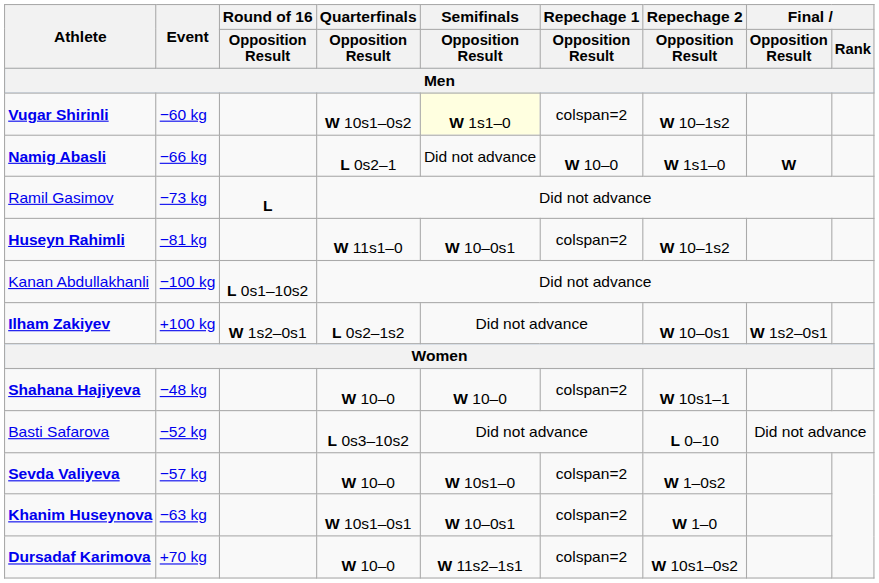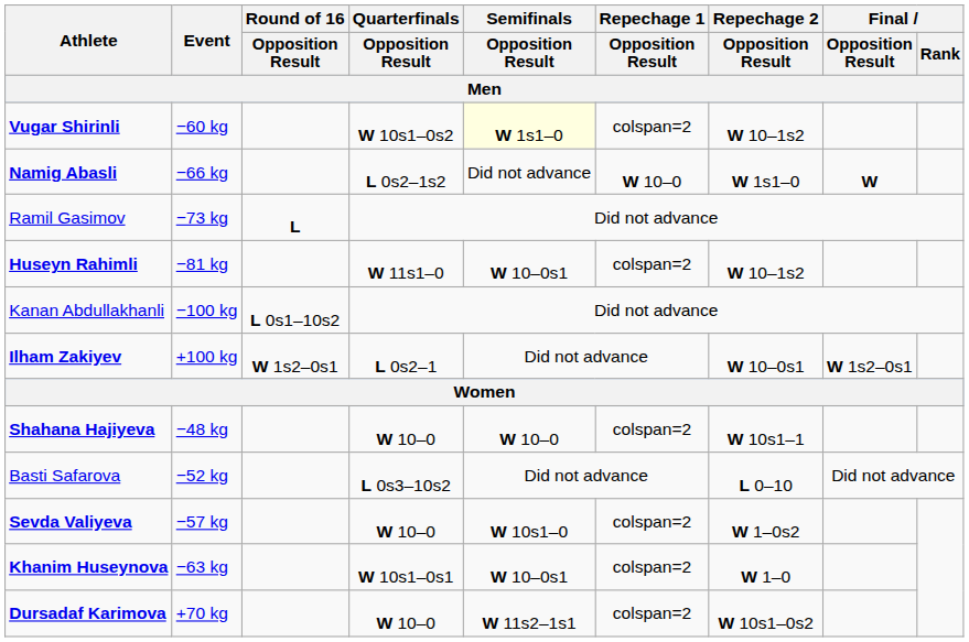 <table class="wikitable" style="font-size:90%">
 <tr>
 <th rowspan="2">Athlete</th>
 <th rowspan="2">Event</th>
 <th>Round of 16</th>
 <th>Quarterfinals</th>
 <th>Semifinals</th>
 <th>Repechage 1</th>
 <th>Repechage 2</th>
 <th colspan=2>Final / </th>
 </tr>
 <tr style="font-size:95%">
 <th>Opposition<br>Result</th>
 <th>Opposition<br>Result</th>
 <th>Opposition<br>Result</th>
 <th>Opposition<br>Result</th>
 <th>Opposition<br>Result</th>
 <th>Opposition<br>Result</th>
 <th>Rank</th>
 </tr>
 <tr style="background:#9acdff;">
 <th colspan=10>Men</th>
 </tr>
 <tr align=center>
 <td align=left><strong><a href='#'>Vugar Shirinli</a></strong></td>
 <td align=left><a href='#'>−60 kg</a></td>
 <td></td>
 <td><br><strong>W</strong> 10s1–0s2</td>
 <td style="background: lightyellow;"><br><strong>W</strong> 1s1–0</td>
 <td>colspan=2</td>
 <td><br><strong>W</strong> 10–1s2</td>
 <td></td>
 </tr>
 <tr align=center>
 <td align=left><strong><a href='#'>Namig Abasli</a></strong></td>
 <td align=left><a href='#'>−66 kg</a></td>
 <td></td>
-<td><br><strong>L</strong> 0s2–1</td>
+<td><br><strong>L</strong> 0s2–1s2</td>
 <td>Did not advance</td>
 <td><br><strong>W</strong> 10–0</td>
 <td><br><strong>W</strong> 1s1–0</td>
 <td><br><strong>W</strong> </td>
 <td></td>
 </tr>
 <tr align=center>
 <td align=left><a href='#'>Ramil Gasimov</a></td>
 <td align=left><a href='#'>−73 kg</a></td>
 <td><br><strong>L</strong> </td>
 <td colspan=6>Did not advance</td>
 </tr>
 <tr align=center>
 <td align=left><strong><a href='#'>Huseyn Rahimli</a></strong></td>
 <td align=left><a href='#'>−81 kg</a></td>
 <td></td>
 <td><br><strong>W</strong> 11s1–0</td>
 <td><br><strong>W</strong> 10–0s1</td>
 <td>colspan=2</td>
 <td><br><strong>W</strong> 10–1s2</td>
 <td></td>
 </tr>
 <tr align=center>
 <td align=left><a href='#'>Kanan Abdullakhanli</a></td>
 <td align=left><a href='#'>−100 kg</a></td>
 <td><br><strong>L</strong> 0s1–10s2</td>
 <td colspan=6>Did not advance</td>
 </tr>
 <tr align=center>
 <td align=left><strong><a href='#'>Ilham Zakiyev</a></strong></td>
 <td align=left><a href='#'>+100 kg</a></td>
 <td><br><strong>W</strong> 1s2–0s1</td>
-<td><br><strong>L</strong> 0s2–1s2</td>
+<td><br><strong>L</strong> 0s2–1</td>
 <td colspan=2>Did not advance</td>
 <td><br><strong>W</strong> 10–0s1</td>
 <td><br><strong>W</strong> 1s2–0s1</td>
 <td></td>
 </tr>
 <tr style="background:#9acdff;">
 <th colspan=10>Women</th>
 </tr>
 <tr align=center>
 <td align=left><strong><a href='#'>Shahana Hajiyeva</a></strong></td>
 <td align=left><a href='#'>−48 kg</a></td>
 <td></td>
 <td><br><strong>W</strong> 10–0</td>
 <td><br><strong>W</strong> 10–0</td>
 <td>colspan=2</td>
 <td><br><strong>W</strong> 10s1–1</td>
 <td></td>
 </tr>
 <tr align=center>
 <td align=left><a href='#'>Basti Safarova</a></td>
 <td align=left><a href='#'>−52 kg</a></td>
 <td></td>
 <td><br><strong>L</strong> 0s3–10s2</td>
 <td colspan=2>Did not advance</td>
 <td><br><strong>L</strong> 0–10</td>
 <td colspan=2>Did not advance</td>
 </tr>
 <tr align=center>
 <td align=left><strong><a href='#'>Sevda Valiyeva</a></strong></td>
 <td align=left><a href='#'>−57 kg</a></td>
 <td></td>
 <td><br><strong>W</strong> 10–0</td>
 <td><br><strong>W</strong> 10s1–0</td>
 <td>colspan=2</td>
 <td><br><strong>W</strong> 1–0s2</td>
 <td></td>
 </tr>
 <tr align=center>
 <td align=left><strong><a href='#'>Khanim Huseynova</a></strong></td>
 <td align=left><a href='#'>−63 kg</a></td>
 <td></td>
 <td><br><strong>W</strong> 10s1–0s1</td>
 <td><br><strong>W</strong> 10–0s1</td>
 <td>colspan=2</td>
 <td><br><strong>W</strong> 1–0</td>
 <td></td>
 </tr>
 <tr align=center>
 <td align=left><strong><a href='#'>Dursadaf Karimova</a></strong></td>
 <td align=left><a href='#'>+70 kg</a></td>
 <td></td>
 <td><br><strong>W</strong> 10–0</td>
 <td><br><strong>W</strong> 11s2–1s1</td>
 <td>colspan=2</td>
 <td><br><strong>W</strong> 10s1–0s2</td>
 <td></td>
 </tr>
 </table>
